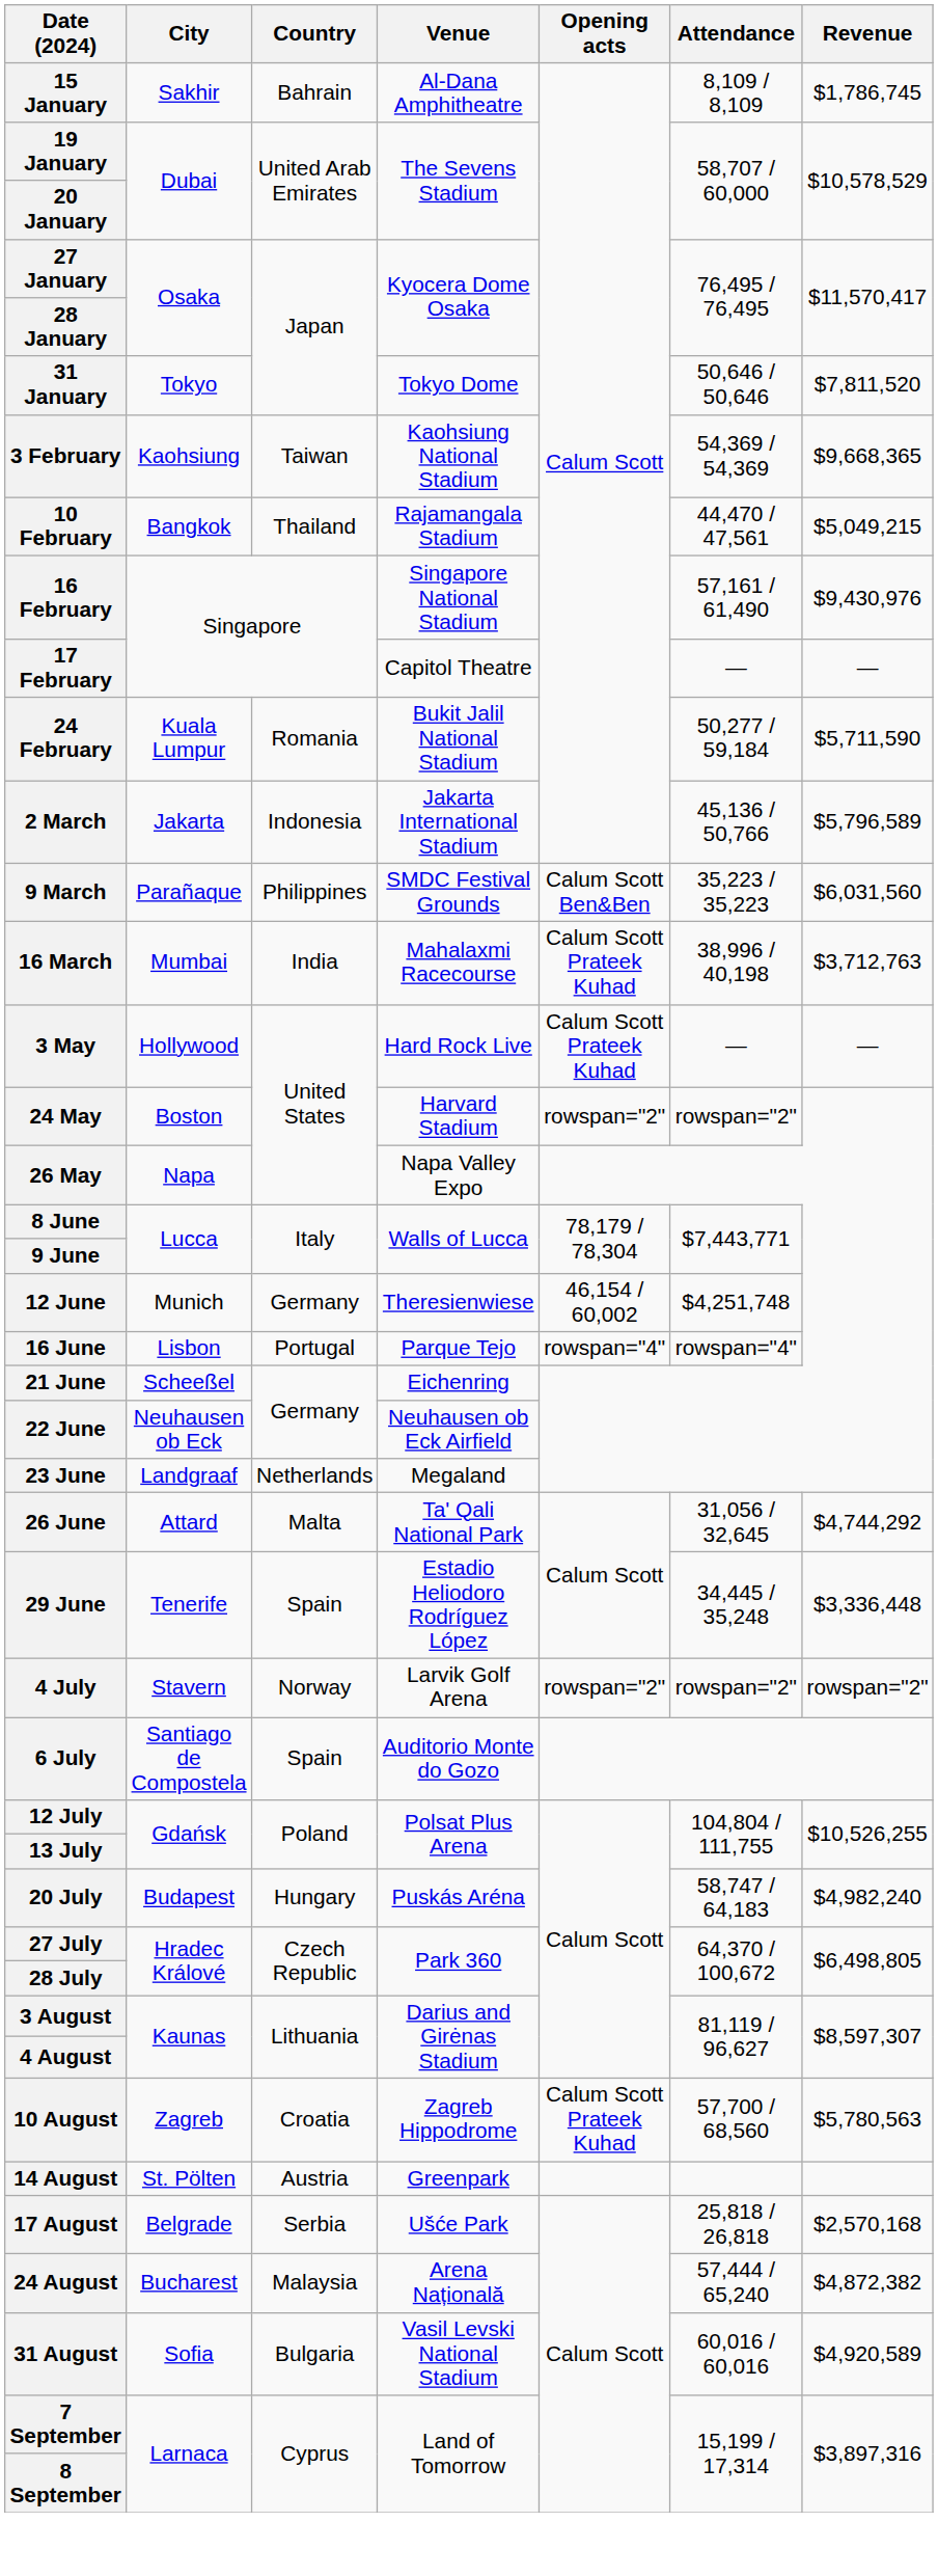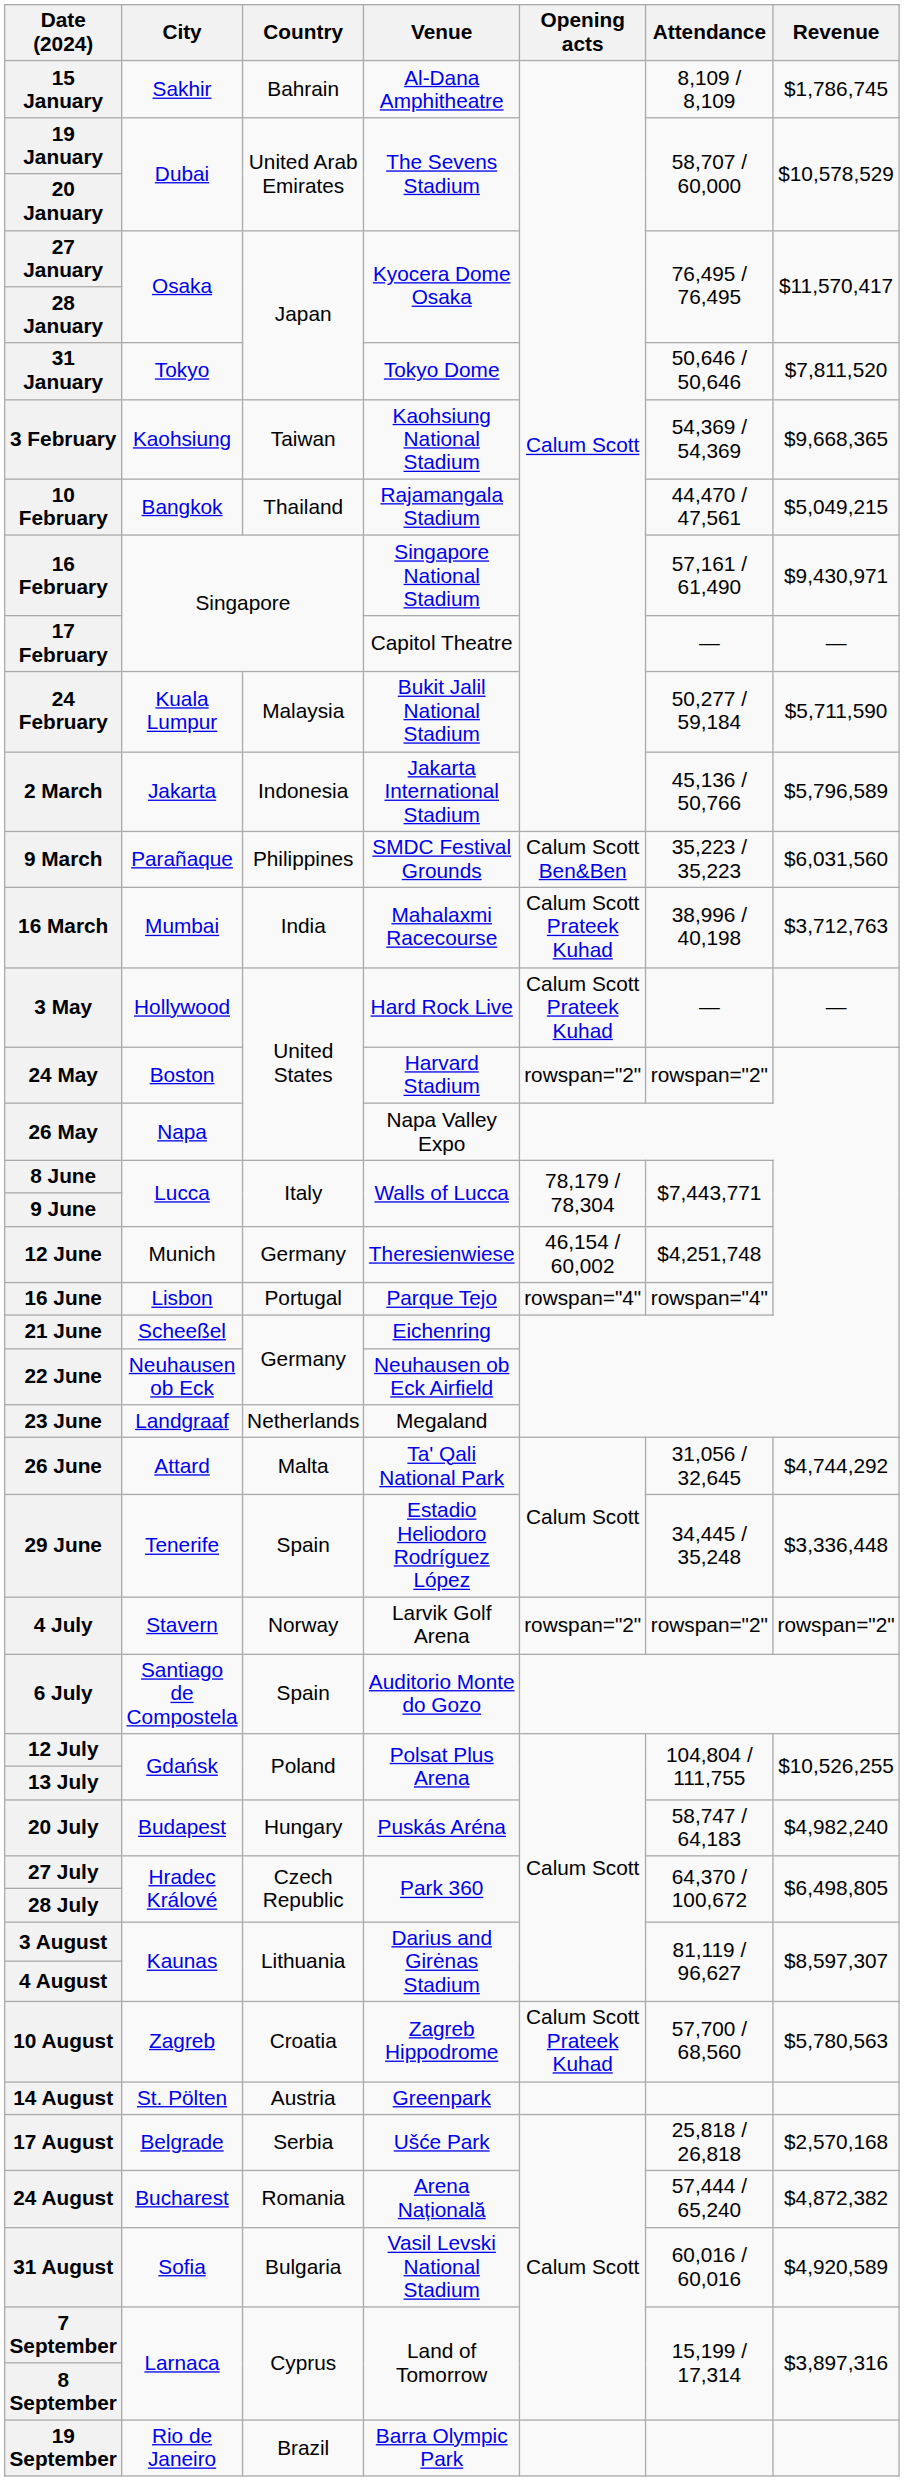 <table class="wikitable plainrowheaders" style="text-align:center;">
 <tr>
 <th scope="col" style="width:12em;">Date (2024)</th>
 <th scope="col" style="width:10em;">City</th>
 <th scope="col" style="width:10em;">Country</th>
 <th scope="col" style="width:16em;">Venue</th>
 <th scope="col" style="width:11em;">Opening acts</th>
 <th scope="col" style="width:10em;">Attendance</th>
 <th scope="col" style="width:10em;">Revenue</th>
 </tr>
 <tr>
 <th scope="row" style="text-align:center;">15 January</th>
 <td><a href='#'>Sakhir</a></td>
 <td>Bahrain</td>
 <td><a href='#'>Al-Dana Amphitheatre</a></td>
 <td rowspan="12"><a href='#'>Calum Scott</a></td>
 <td>8,109 / 8,109</td>
 <td>$1,786,745</td>
 </tr>
 <tr>
 <th scope="row" style="text-align:center;">19 January</th>
 <td rowspan="2"><a href='#'>Dubai</a></td>
 <td rowspan="2">United Arab Emirates</td>
 <td rowspan="2"><a href='#'>The Sevens Stadium</a></td>
 <td rowspan="2">58,707 / 60,000</td>
 <td rowspan="2">$10,578,529</td>
 </tr>
 <tr>
 <th scope="row" style="text-align:center;">20 January</th>
 </tr>
 <tr>
 <th scope="row" style="text-align:center;">27 January</th>
 <td rowspan="2"><a href='#'>Osaka</a></td>
 <td rowspan="3">Japan</td>
 <td rowspan="2"><a href='#'>Kyocera Dome Osaka</a></td>
 <td rowspan="2">76,495 / 76,495</td>
 <td rowspan="2">$11,570,417</td>
 </tr>
 <tr>
 <th scope="row" style="text-align:center;">28 January</th>
 </tr>
 <tr>
 <th scope="row" style="text-align:center;">31 January</th>
 <td><a href='#'>Tokyo</a></td>
 <td><a href='#'>Tokyo Dome</a></td>
 <td>50,646 / 50,646</td>
 <td>$7,811,520</td>
 </tr>
 <tr>
 <th scope="row" style="text-align:center;">3 February</th>
 <td><a href='#'>Kaohsiung</a></td>
 <td>Taiwan</td>
 <td><a href='#'>Kaohsiung National Stadium</a></td>
 <td>54,369 / 54,369</td>
 <td>$9,668,365</td>
 </tr>
 <tr>
 <th scope="row" style="text-align:center;">10 February</th>
 <td><a href='#'>Bangkok</a></td>
 <td>Thailand</td>
 <td><a href='#'>Rajamangala Stadium</a></td>
 <td>44,470 / 47,561</td>
 <td>$5,049,215</td>
 </tr>
 <tr>
 <th scope="row" style="text-align:center;">16 February</th>
 <td colspan="2" rowspan="2">Singapore</td>
 <td><a href='#'>Singapore National Stadium</a></td>
 <td>57,161 / 61,490</td>
-<td>$9,430,976</td>
+<td>$9,430,971</td>
 </tr>
 <tr>
 <th scope="row" style="text-align:center;">17 February</th>
 <td>Capitol Theatre</td>
 <td>—</td>
 <td>—</td>
 </tr>
 <tr>
 <th scope="row" style="text-align:center;">24 February</th>
 <td><a href='#'>Kuala Lumpur</a></td>
-<td>Romania</td>
+<td>Malaysia</td>
 <td><a href='#'>Bukit Jalil National Stadium</a></td>
 <td>50,277 / 59,184</td>
 <td>$5,711,590</td>
 </tr>
 <tr>
 <th scope="row" style="text-align:center;">2 March</th>
 <td><a href='#'>Jakarta</a></td>
 <td>Indonesia</td>
 <td><a href='#'>Jakarta International Stadium</a></td>
 <td>45,136 / 50,766</td>
 <td>$5,796,589</td>
 </tr>
 <tr>
 <th scope="row" style="text-align:center;">9 March</th>
 <td><a href='#'>Parañaque</a></td>
 <td>Philippines</td>
 <td><a href='#'>SMDC Festival Grounds</a></td>
 <td>Calum Scott<br><a href='#'>Ben&Ben</a></td>
 <td>35,223 / 35,223</td>
 <td>$6,031,560</td>
 </tr>
 <tr>
 <th scope="row" style="text-align:center;">16 March</th>
 <td><a href='#'>Mumbai</a></td>
 <td>India</td>
 <td><a href='#'>Mahalaxmi Racecourse</a></td>
 <td>Calum Scott<br><a href='#'>Prateek Kuhad</a></td>
 <td>38,996 / 40,198</td>
 <td>$3,712,763</td>
 </tr>
 <tr>
 <th scope="row" style="text-align:center;">3 May</th>
 <td><a href='#'>Hollywood</a></td>
 <td rowspan="3">United States</td>
 <td><a href='#'>Hard Rock Live</a></td>
 <td>Calum Scott<br><a href='#'>Prateek Kuhad</a></td>
 <td>—</td>
 <td>—</td>
 </tr>
 <tr>
 <th scope="row" style="text-align:center;">24 May</th>
 <td><a href='#'>Boston</a></td>
 <td><a href='#'>Harvard Stadium</a></td>
 <td>rowspan="2" </td>
 <td>rowspan="2" </td>
 </tr>
 <tr>
 <th scope="row" style="text-align:center;">26 May</th>
 <td><a href='#'>Napa</a></td>
 <td>Napa Valley Expo</td>
 </tr>
 <tr>
 <th scope="row" style="text-align:center;">8 June</th>
 <td rowspan="2"><a href='#'>Lucca</a></td>
 <td rowspan="2">Italy</td>
 <td rowspan="2"><a href='#'>Walls of Lucca</a></td>
 <td rowspan="2">78,179 / 78,304</td>
 <td rowspan="2">$7,443,771</td>
 </tr>
 <tr>
 <th scope="row" style="text-align:center;">9 June</th>
 </tr>
 <tr>
 <th scope="row" style="text-align:center;">12 June</th>
 <td>Munich</td>
 <td>Germany</td>
 <td><a href='#'>Theresienwiese</a></td>
 <td>46,154 / 60,002</td>
 <td>$4,251,748</td>
 </tr>
 <tr>
 <th scope="row" style="text-align:center;">16 June</th>
 <td><a href='#'>Lisbon</a></td>
 <td>Portugal</td>
 <td><a href='#'>Parque Tejo</a></td>
 <td>rowspan="4" </td>
 <td>rowspan="4" </td>
 </tr>
 <tr>
 <th scope="row" style="text-align:center;">21 June</th>
 <td><a href='#'>Scheeßel</a></td>
 <td rowspan="2">Germany</td>
 <td><a href='#'>Eichenring</a></td>
 </tr>
 <tr>
 <th scope="row" style="text-align:center;">22 June</th>
 <td><a href='#'>Neuhausen ob Eck</a></td>
 <td><a href='#'>Neuhausen ob Eck Airfield</a></td>
 </tr>
 <tr>
 <th scope="row" style="text-align:center;">23 June</th>
 <td><a href='#'>Landgraaf</a></td>
 <td>Netherlands</td>
 <td>Megaland</td>
 </tr>
 <tr>
 <th scope="row" style="text-align:center;">26 June</th>
 <td><a href='#'>Attard</a></td>
 <td>Malta</td>
 <td><a href='#'>Ta' Qali National Park</a></td>
 <td rowspan="2">Calum Scott</td>
 <td>31,056 / 32,645</td>
 <td>$4,744,292</td>
 </tr>
 <tr>
 <th scope="row" style="text-align:center;">29 June</th>
 <td><a href='#'>Tenerife</a></td>
 <td>Spain</td>
 <td><a href='#'>Estadio Heliodoro Rodríguez López</a></td>
 <td>34,445 / 35,248</td>
 <td>$3,336,448</td>
 </tr>
 <tr>
 <th scope="row" style="text-align:center;">4 July</th>
 <td><a href='#'>Stavern</a></td>
 <td>Norway</td>
 <td>Larvik Golf Arena</td>
 <td>rowspan="2" </td>
 <td>rowspan="2" </td>
 <td>rowspan="2" </td>
 </tr>
 <tr>
 <th scope="row" style="text-align:center;">6 July</th>
 <td><a href='#'>Santiago de Compostela</a></td>
 <td>Spain</td>
 <td><a href='#'>Auditorio Monte do Gozo</a></td>
 </tr>
 <tr>
 <th scope="row" style="text-align:center;">12 July</th>
 <td rowspan="2"><a href='#'>Gdańsk</a></td>
 <td rowspan="2">Poland</td>
 <td rowspan="2"><a href='#'>Polsat Plus Arena</a></td>
 <td rowspan="7">Calum Scott</td>
 <td rowspan="2">104,804 / 111,755</td>
 <td rowspan="2">$10,526,255</td>
 </tr>
 <tr>
 <th scope="row" style="text-align:center;">13 July</th>
 </tr>
 <tr>
 <th scope="row" style="text-align:center;">20 July</th>
 <td><a href='#'>Budapest</a></td>
 <td>Hungary</td>
 <td><a href='#'>Puskás Aréna</a></td>
 <td>58,747 / 64,183</td>
 <td>$4,982,240</td>
 </tr>
 <tr>
 <th scope="row" style="text-align:center;">27 July</th>
 <td rowspan="2"><a href='#'>Hradec Králové</a></td>
 <td rowspan="2">Czech Republic</td>
 <td rowspan="2"><a href='#'>Park 360</a></td>
 <td rowspan="2">64,370 / 100,672</td>
 <td rowspan="2">$6,498,805</td>
 </tr>
 <tr>
 <th scope="row" style="text-align:center;">28 July</th>
 </tr>
 <tr>
 <th scope="row" style="text-align:center;">3 August</th>
 <td rowspan="2"><a href='#'>Kaunas</a></td>
 <td rowspan="2">Lithuania</td>
 <td rowspan="2"><a href='#'>Darius and Girėnas Stadium</a></td>
 <td rowspan="2">81,119 / 96,627</td>
 <td rowspan="2">$8,597,307</td>
 </tr>
 <tr>
 <th scope="row" style="text-align:center;">4 August</th>
 </tr>
 <tr>
 <th scope="row" style="text-align:center;">10 August</th>
 <td><a href='#'>Zagreb</a></td>
 <td>Croatia</td>
 <td><a href='#'>Zagreb Hippodrome</a></td>
 <td>Calum Scott<br><a href='#'>Prateek Kuhad</a></td>
 <td>57,700 / 68,560</td>
 <td>$5,780,563</td>
 </tr>
 <tr>
 <th scope="row" style="text-align:center;">14 August</th>
 <td><a href='#'>St. Pölten</a></td>
 <td>Austria</td>
 <td><a href='#'>Greenpark</a></td>
 <td></td>
 <td></td>
 <td></td>
 </tr>
 <tr>
 <th scope="row" style="text-align:center;">17 August</th>
 <td><a href='#'>Belgrade</a></td>
 <td>Serbia</td>
 <td><a href='#'>Ušće Park</a></td>
 <td rowspan="5">Calum Scott</td>
 <td>25,818 / 26,818</td>
 <td>$2,570,168</td>
 </tr>
 <tr>
 <th scope="row" style="text-align:center;">24 August</th>
 <td><a href='#'>Bucharest</a></td>
-<td>Malaysia</td>
+<td>Romania</td>
 <td><a href='#'>Arena Națională</a></td>
 <td>57,444 / 65,240</td>
 <td>$4,872,382</td>
 </tr>
 <tr>
 <th scope="row" style="text-align:center;">31 August</th>
 <td><a href='#'>Sofia</a></td>
 <td>Bulgaria</td>
 <td><a href='#'>Vasil Levski National Stadium</a></td>
 <td>60,016 / 60,016</td>
 <td>$4,920,589</td>
 </tr>
 <tr>
 <th scope="row" style="text-align:center;">7 September</th>
 <td rowspan="2"><a href='#'>Larnaca</a></td>
 <td rowspan="2">Cyprus</td>
 <td rowspan="2">Land of Tomorrow</td>
 <td rowspan="2">15,199 / 17,314</td>
 <td rowspan="2">$3,897,316</td>
 </tr>
 <tr>
 <th scope="row" style="text-align:center;">8 September</th>
 </tr>
+<tr>
+<th scope="row" style="text-align:center;">19 September</th>
+<td><a href='#'>Rio de Janeiro</a></td>
+<td>Brazil</td>
+<td><a href='#'>Barra Olympic Park</a></td>
+<td></td>
+<td></td>
+<td></td>
+</tr>
 </table>
